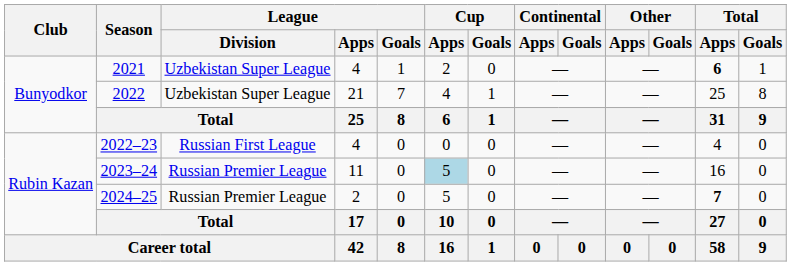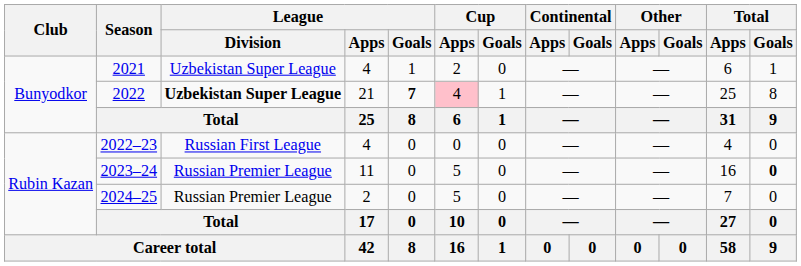 <table class="wikitable" style="text-align: center;">
 <tr>
 <th rowspan="2">Club</th>
 <th rowspan="2">Season</th>
 <th colspan="3">League</th>
 <th colspan="2">Cup</th>
 <th colspan="2">Continental</th>
 <th colspan="2">Other</th>
 <th colspan="2">Total</th>
 </tr>
 <tr>
 <th>Division</th>
 <th>Apps</th>
 <th>Goals</th>
 <th>Apps</th>
 <th>Goals</th>
 <th>Apps</th>
 <th>Goals</th>
 <th>Apps</th>
 <th>Goals</th>
 <th>Apps</th>
 <th>Goals</th>
 </tr>
 <tr>
 <td rowspan="3"><a href='#'>Bunyodkor</a></td>
 <td><a href='#'>2021</a></td>
 <td><a href='#'>Uzbekistan Super League</a></td>
 <td>4</td>
 <td>1</td>
 <td>2</td>
 <td>0</td>
 <td colspan="2">—</td>
 <td colspan="2">—</td>
-<td><strong>6</strong></td>
+<td>6</td>
 <td>1</td>
 </tr>
 <tr>
 <td><a href='#'>2022</a></td>
-<td>Uzbekistan Super League</td>
+<td><strong>Uzbekistan Super League</strong></td>
 <td>21</td>
-<td>7</td>
-<td>4</td>
+<td><strong>7</strong></td>
+<td style="background: pink;">4</td>
 <td>1</td>
 <td colspan="2">—</td>
 <td colspan="2">—</td>
 <td>25</td>
 <td>8</td>
 </tr>
 <tr>
 <th colspan="2">Total</th>
 <th>25</th>
 <th>8</th>
 <th>6</th>
 <th>1</th>
 <th colspan="2">—</th>
 <th colspan="2">—</th>
 <th>31</th>
 <th>9</th>
 </tr>
 <tr>
 <td rowspan="4"><a href='#'>Rubin Kazan</a></td>
 <td><a href='#'>2022–23</a></td>
 <td><a href='#'>Russian First League</a></td>
 <td>4</td>
 <td>0</td>
 <td>0</td>
 <td>0</td>
 <td colspan="2">—</td>
 <td colspan="2">—</td>
 <td>4</td>
 <td>0</td>
 </tr>
 <tr>
 <td><a href='#'>2023–24</a></td>
 <td><a href='#'>Russian Premier League</a></td>
 <td>11</td>
 <td>0</td>
-<td style="background: lightblue;">5</td>
+<td>5</td>
 <td>0</td>
 <td colspan="2">—</td>
 <td colspan="2">—</td>
 <td>16</td>
-<td>0</td>
+<td><strong>0</strong></td>
 </tr>
 <tr>
 <td><a href='#'>2024–25</a></td>
 <td>Russian Premier League</td>
 <td>2</td>
 <td>0</td>
 <td>5</td>
 <td>0</td>
 <td colspan="2">—</td>
 <td colspan="2">—</td>
-<td><strong>7</strong></td>
+<td>7</td>
 <td>0</td>
 </tr>
 <tr>
 <th colspan="2">Total</th>
 <th>17</th>
 <th>0</th>
 <th>10</th>
 <th>0</th>
 <th colspan="2">—</th>
 <th colspan="2">—</th>
 <th>27</th>
 <th>0</th>
 </tr>
 <tr>
 <th colspan="3">Career total</th>
 <th>42</th>
 <th>8</th>
 <th>16</th>
 <th>1</th>
 <th>0</th>
 <th>0</th>
 <th>0</th>
 <th>0</th>
 <th>58</th>
 <th>9</th>
 </tr>
 </table>
